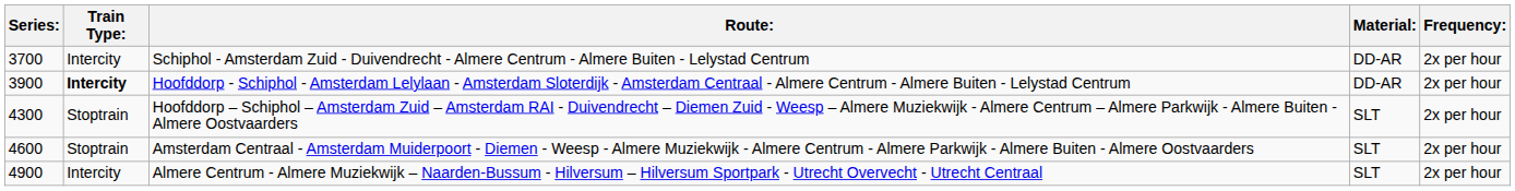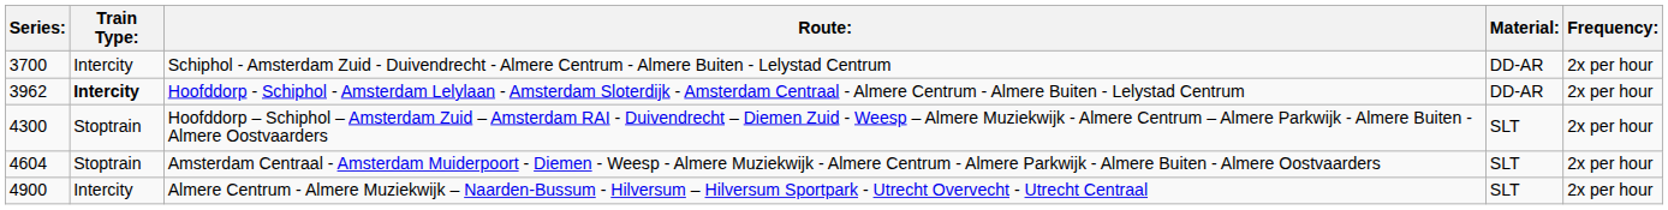 <table class="wikitable vatop">
 <tr>
 <th>Series:</th>
 <th>Train Type:</th>
 <th>Route:</th>
 <th>Material:</th>
 <th>Frequency:</th>
 </tr>
 <tr>
 <td>3700</td>
 <td>Intercity</td>
 <td>Schiphol - Amsterdam Zuid - Duivendrecht - Almere Centrum - Almere Buiten - Lelystad Centrum</td>
 <td>DD-AR</td>
 <td>2x per hour</td>
 </tr>
 <tr>
-<td>3900</td>
+<td>3962</td>
 <td><strong>Intercity</strong></td>
 <td><a href='#'>Hoofddorp</a> - <a href='#'>Schiphol</a> - <a href='#'>Amsterdam Lelylaan</a> - <a href='#'>Amsterdam Sloterdijk</a> - <a href='#'>Amsterdam Centraal</a> - Almere Centrum - Almere Buiten - Lelystad Centrum</td>
 <td>DD-AR</td>
 <td>2x per hour</td>
 </tr>
 <tr>
 <td>4300</td>
 <td>Stoptrain</td>
 <td>Hoofddorp – Schiphol – <a href='#'>Amsterdam Zuid</a> – <a href='#'>Amsterdam RAI</a> - <a href='#'>Duivendrecht</a> – <a href='#'>Diemen Zuid</a> - <a href='#'>Weesp</a> – Almere Muziekwijk - Almere Centrum – Almere Parkwijk - Almere Buiten - Almere Oostvaarders</td>
 <td>SLT</td>
 <td>2x per hour</td>
 </tr>
 <tr>
-<td>4600</td>
+<td>4604</td>
 <td>Stoptrain</td>
 <td>Amsterdam Centraal - <a href='#'>Amsterdam Muiderpoort</a> - <a href='#'>Diemen</a> - Weesp - Almere Muziekwijk - Almere Centrum - Almere Parkwijk - Almere Buiten - Almere Oostvaarders</td>
 <td>SLT</td>
 <td>2x per hour</td>
 </tr>
 <tr>
 <td>4900</td>
 <td>Intercity</td>
 <td>Almere Centrum - Almere Muziekwijk – <a href='#'>Naarden-Bussum</a> - <a href='#'>Hilversum</a> – <a href='#'>Hilversum Sportpark</a> - <a href='#'>Utrecht Overvecht</a> - <a href='#'>Utrecht Centraal</a></td>
 <td>SLT</td>
 <td>2x per hour</td>
 </tr>
 </table>
